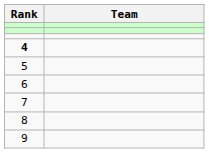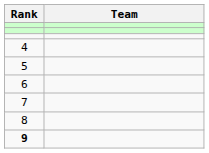 <table class="wikitable" style="text-align: center;">
 <tr>
 <th width=40>Rank</th>
 <th width=180>Team</th>
 </tr>
 <tr bgcolor=#CCFFCC>
 <td></td>
 <td style="text-align:left;"></td>
 </tr>
 <tr bgcolor=#CCFFCC>
 <td></td>
 <td style="text-align:left;"></td>
 </tr>
 <tr align=center>
 <td></td>
 <td style="text-align:left;"></td>
 </tr>
 <tr align=center>
-<td><strong>4</strong></td>
+<td>4</td>
 <td style="text-align:left;"></td>
 </tr>
 <tr align=center>
 <td>5</td>
 <td style="text-align:left;"></td>
 </tr>
 <tr align=center>
 <td>6</td>
 <td style="text-align:left;"></td>
 </tr>
 <tr align=center>
 <td>7</td>
 <td style="text-align:left;"></td>
 </tr>
 <tr align=center>
 <td>8</td>
 <td style="text-align:left;"></td>
 </tr>
 <tr align=center>
-<td>9</td>
+<td><strong>9</strong></td>
 <td style="text-align:left;"></td>
 </tr>
 </table>
